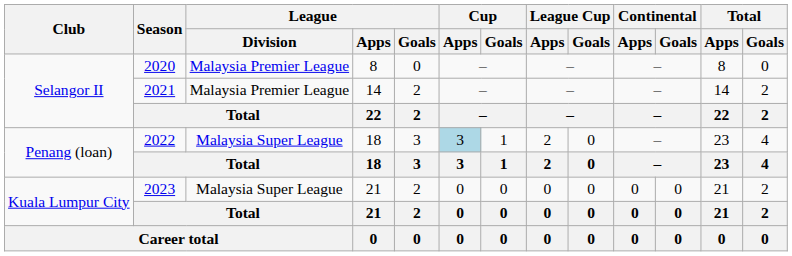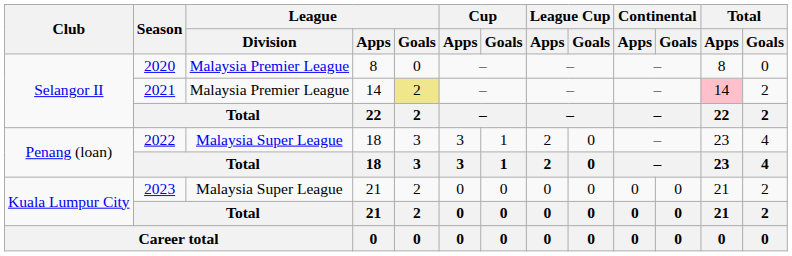 <table class="wikitable" style="text-align: center;">
 <tr>
 <th rowspan="2">Club</th>
 <th rowspan="2">Season</th>
 <th colspan="3">League</th>
 <th colspan="2">Cup</th>
 <th colspan="2">League Cup</th>
 <th colspan="2">Continental</th>
 <th colspan="2">Total</th>
 </tr>
 <tr>
 <th>Division</th>
 <th>Apps</th>
 <th>Goals</th>
 <th>Apps</th>
 <th>Goals</th>
 <th>Apps</th>
 <th>Goals</th>
 <th>Apps</th>
 <th>Goals</th>
 <th>Apps</th>
 <th>Goals</th>
 </tr>
 <tr>
 <td rowspan="3"><a href='#'>Selangor II</a></td>
 <td><a href='#'>2020</a></td>
 <td><a href='#'>Malaysia Premier League</a></td>
 <td>8</td>
 <td>0</td>
 <td colspan=2>–</td>
 <td colspan=2>–</td>
 <td colspan=2>–</td>
 <td>8</td>
 <td>0</td>
 </tr>
 <tr>
 <td><a href='#'>2021</a></td>
 <td>Malaysia Premier League</td>
 <td>14</td>
-<td>2</td>
+<td style="background: khaki;">2</td>
 <td colspan=2>–</td>
 <td colspan=2>–</td>
 <td colspan=2>–</td>
-<td>14</td>
+<td style="background: pink;">14</td>
 <td>2</td>
 </tr>
 <tr>
 <th colspan=2>Total</th>
 <th>22</th>
 <th>2</th>
 <th colspan=2>–</th>
 <th colspan=2>–</th>
 <th colspan=2>–</th>
 <th>22</th>
 <th>2</th>
 </tr>
 <tr>
 <td rowspan="2"><a href='#'>Penang</a> (loan)</td>
 <td><a href='#'>2022</a></td>
 <td><a href='#'>Malaysia Super League</a></td>
 <td>18</td>
 <td>3</td>
-<td style="background: lightblue;">3</td>
+<td>3</td>
 <td>1</td>
 <td>2</td>
 <td>0</td>
 <td colspan=2>–</td>
 <td>23</td>
 <td>4</td>
 </tr>
 <tr>
 <th colspan=2>Total</th>
 <th>18</th>
 <th>3</th>
 <th>3</th>
 <th>1</th>
 <th>2</th>
 <th>0</th>
 <th colspan=2>–</th>
 <th>23</th>
 <th>4</th>
 </tr>
 <tr>
 <td rowspan="2"><a href='#'>Kuala Lumpur City</a></td>
 <td><a href='#'>2023</a></td>
 <td>Malaysia Super League</td>
 <td>21</td>
 <td>2</td>
 <td>0</td>
 <td>0</td>
 <td>0</td>
 <td>0</td>
 <td>0</td>
 <td>0</td>
 <td>21</td>
 <td>2</td>
 </tr>
 <tr>
 <th colspan=2>Total</th>
 <th>21</th>
 <th>2</th>
 <th>0</th>
 <th>0</th>
 <th>0</th>
 <th>0</th>
 <th>0</th>
 <th>0</th>
 <th>21</th>
 <th>2</th>
 </tr>
 <tr>
 <th colspan="3">Career total</th>
 <th>0</th>
 <th>0</th>
 <th>0</th>
 <th>0</th>
 <th>0</th>
 <th>0</th>
 <th>0</th>
 <th>0</th>
 <th>0</th>
 <th>0</th>
 </tr>
 </table>
